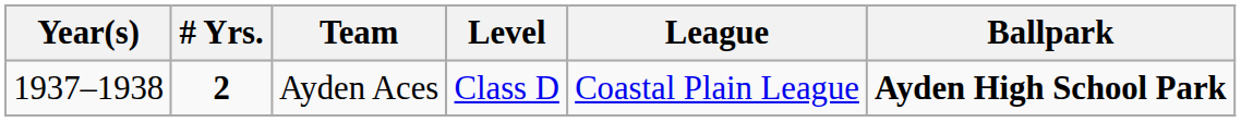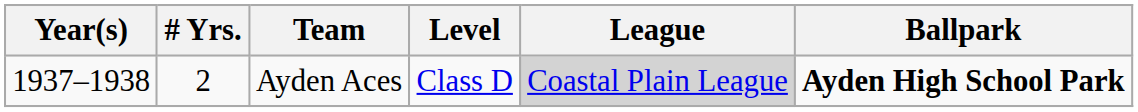 <table class="wikitable" style="text-align:center; font-size: 95%;">
 <tr>
 <th>Year(s)</th>
 <th># Yrs.</th>
 <th>Team</th>
 <th>Level</th>
 <th>League</th>
 <th>Ballpark</th>
 </tr>
 <tr>
 <td>1937–1938</td>
-<td><strong>2</strong></td>
+<td>2</td>
 <td>Ayden Aces</td>
 <td><a href='#'>Class D</a></td>
-<td><a href='#'>Coastal Plain League</a></td>
+<td style="background: lightgrey;"><a href='#'>Coastal Plain League</a></td>
 <td><strong>Ayden High School Park</strong></td>
 </tr>
 <tr>
 </tr>
 </table>
